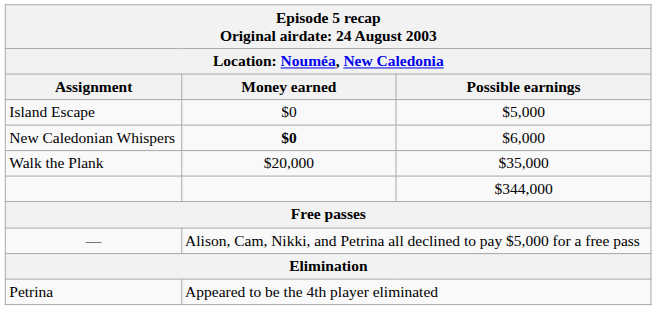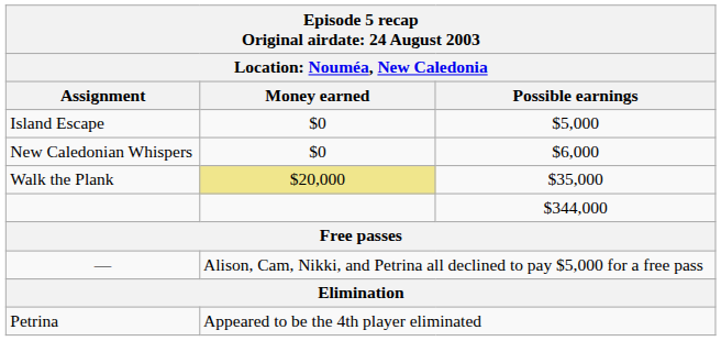 <table class="wikitable" style="font-size: 95%; margin: 10px" align="right" width="40%">
 <tr>
 <th colspan=3>Episode 5 recap<br>Original airdate: 24 August 2003</th>
 </tr>
 <tr>
 <th colspan=3>Location: <a href='#'>Nouméa</a>, <a href='#'>New Caledonia</a></th>
 </tr>
 <tr>
 <th>Assignment</th>
 <th>Money earned</th>
 <th>Possible earnings</th>
 </tr>
 <tr>
 <td>Island Escape</td>
 <td align="center">$0</td>
 <td align="center">$5,000</td>
 </tr>
 <tr>
 <td>New Caledonian Whispers</td>
-<td align="center"><strong>$0</strong></td>
+<td align="center">$0</td>
 <td align="center">$6,000</td>
 </tr>
 <tr>
 <td>Walk the Plank</td>
-<td align="center">$20,000</td>
+<td align="center" style="background: khaki;">$20,000</td>
 <td align="center">$35,000</td>
 </tr>
 <tr>
 <td><strong></strong></td>
 <td align="center"><strong></strong></td>
 <td align="center">$344,000</td>
 </tr>
 <tr>
 <th colspan=3>Free passes</th>
 </tr>
 <tr>
 <td align="center">—</td>
 <td colspan=2>Alison, Cam, Nikki, and Petrina all declined to pay $5,000 for a free pass</td>
 </tr>
 <tr>
 <th colspan=3>Elimination</th>
 </tr>
 <tr>
 <td>Petrina</td>
 <td colspan=2>Appeared to be the 4th player eliminated</td>
 </tr>
 </table>
